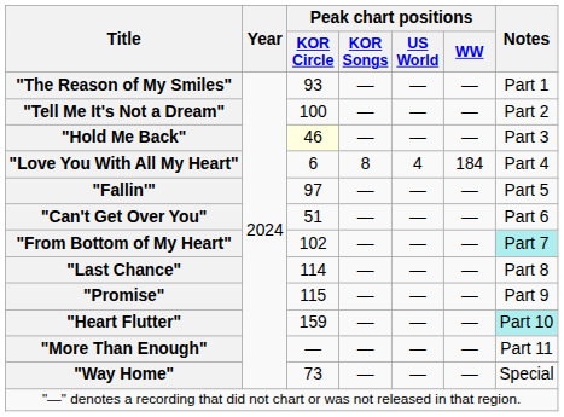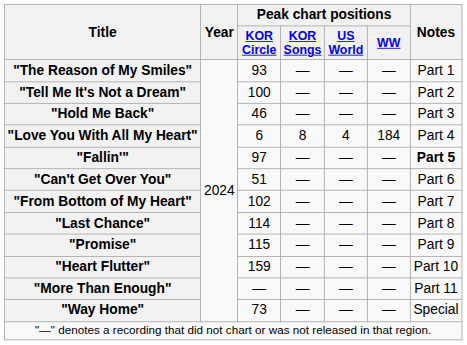 <table class="wikitable plainrowheaders" style="text-align:center">
 <tr>
 <th scope="col" rowspan="2">Title</th>
 <th scope="col" rowspan="2">Year</th>
 <th scope="col" colspan="4">Peak chart positions</th>
 <th scope="col" rowspan="2">Notes</th>
 </tr>
 <tr>
 <th scope="col" style="font-size:90%; width:3em"><a href='#'>KOR<br>Circle</a><br></th>
 <th scope="col" style="font-size:90%; width:3em"><a href='#'>KOR<br>Songs</a><br></th>
 <th scope="col" style="font-size:90%; width:3em"><a href='#'>US<br>World</a><br></th>
 <th scope="col" style="font-size:90%; width:3em"><a href='#'>WW</a><br></th>
 </tr>
 <tr>
 <th scope="row">"The Reason of My Smiles" </th>
 <td rowspan="12">2024</td>
 <td>93</td>
 <td>—</td>
 <td>—</td>
 <td>—</td>
 <td>Part 1</td>
 </tr>
 <tr>
 <th scope="row">"Tell Me It's Not a Dream" </th>
 <td>100</td>
 <td>—</td>
 <td>—</td>
 <td>—</td>
 <td>Part 2</td>
 </tr>
 <tr>
 <th scope="row">"Hold Me Back" </th>
-<td style="background: lightyellow;">46</td>
+<td>46</td>
 <td>—</td>
 <td>—</td>
 <td>—</td>
 <td>Part 3</td>
 </tr>
 <tr>
 <th scope="row">"Love You With All My Heart" </th>
 <td>6</td>
 <td>8</td>
 <td>4</td>
 <td>184</td>
 <td>Part 4</td>
 </tr>
 <tr>
 <th scope="row">"Fallin'" </th>
 <td>97</td>
 <td>—</td>
 <td>—</td>
 <td>—</td>
-<td>Part 5</td>
+<td><strong>Part 5</strong></td>
 </tr>
 <tr>
 <th scope="row">"Can't Get Over You" </th>
 <td>51</td>
 <td>—</td>
 <td>—</td>
 <td>—</td>
 <td>Part 6</td>
 </tr>
 <tr>
 <th scope="row">"From Bottom of My Heart" </th>
 <td>102</td>
 <td>—</td>
 <td>—</td>
 <td>—</td>
-<td style="background: paleturquoise;">Part 7</td>
+<td>Part 7</td>
 </tr>
 <tr>
 <th scope="row">"Last Chance" </th>
 <td>114</td>
 <td>—</td>
 <td>—</td>
 <td>—</td>
 <td>Part 8</td>
 </tr>
 <tr>
 <th scope="row">"Promise" </th>
 <td>115</td>
 <td>—</td>
 <td>—</td>
 <td>—</td>
 <td>Part 9</td>
 </tr>
 <tr>
 <th scope="row">"Heart Flutter" </th>
 <td>159</td>
 <td>—</td>
 <td>—</td>
 <td>—</td>
-<td style="background: paleturquoise;">Part 10</td>
+<td>Part 10</td>
 </tr>
 <tr>
 <th scope="row">"More Than Enough" </th>
 <td>—</td>
 <td>—</td>
 <td>—</td>
 <td>—</td>
 <td>Part 11</td>
 </tr>
 <tr>
 <th scope="row">"Way Home" </th>
 <td>73</td>
 <td>—</td>
 <td>—</td>
 <td>—</td>
 <td>Special</td>
 </tr>
 <tr>
 <td colspan="7" style="font-size:85%">"—" denotes a recording that did not chart or was not released in that region.</td>
 </tr>
 </table>
